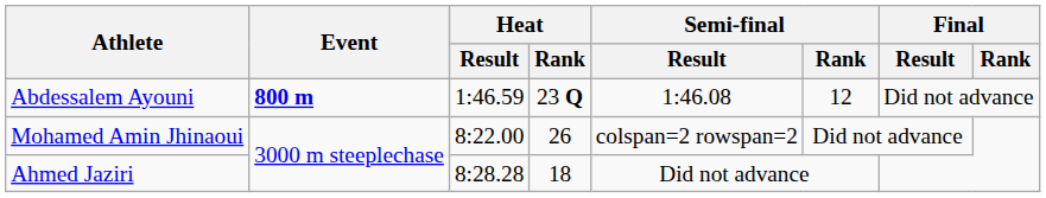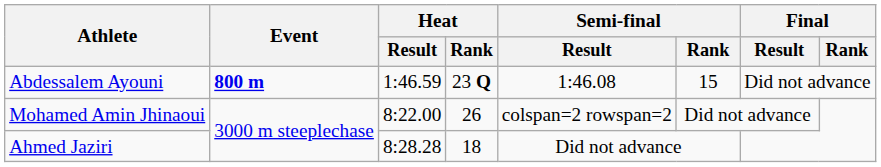 <table class="wikitable" style="font-size:90%">
 <tr>
 <th rowspan="2">Athlete</th>
 <th rowspan="2">Event</th>
 <th colspan="2">Heat</th>
 <th colspan="2">Semi-final</th>
 <th colspan="2">Final</th>
 </tr>
 <tr style="font-size:95%">
 <th>Result</th>
 <th>Rank</th>
 <th>Result</th>
 <th>Rank</th>
 <th>Result</th>
 <th>Rank</th>
 </tr>
 <tr align=center>
 <td align=left><a href='#'>Abdessalem Ayouni</a></td>
 <td align=left><strong><a href='#'>800 m</a></strong></td>
 <td>1:46.59</td>
 <td>23 <strong>Q</strong></td>
 <td>1:46.08</td>
-<td>12</td>
+<td>15</td>
 <td colspan="2">Did not advance</td>
 </tr>
 <tr align=center>
 <td align=left><a href='#'>Mohamed Amin Jhinaoui</a></td>
 <td align=left rowspan=2><a href='#'>3000 m steeplechase</a></td>
 <td>8:22.00</td>
 <td>26</td>
 <td>colspan=2 rowspan=2</td>
 <td colspan="2">Did not advance</td>
 </tr>
 <tr align=center>
 <td align=left><a href='#'>Ahmed Jaziri</a></td>
 <td>8:28.28</td>
 <td>18</td>
 <td colspan="2">Did not advance</td>
 </tr>
 </table>
